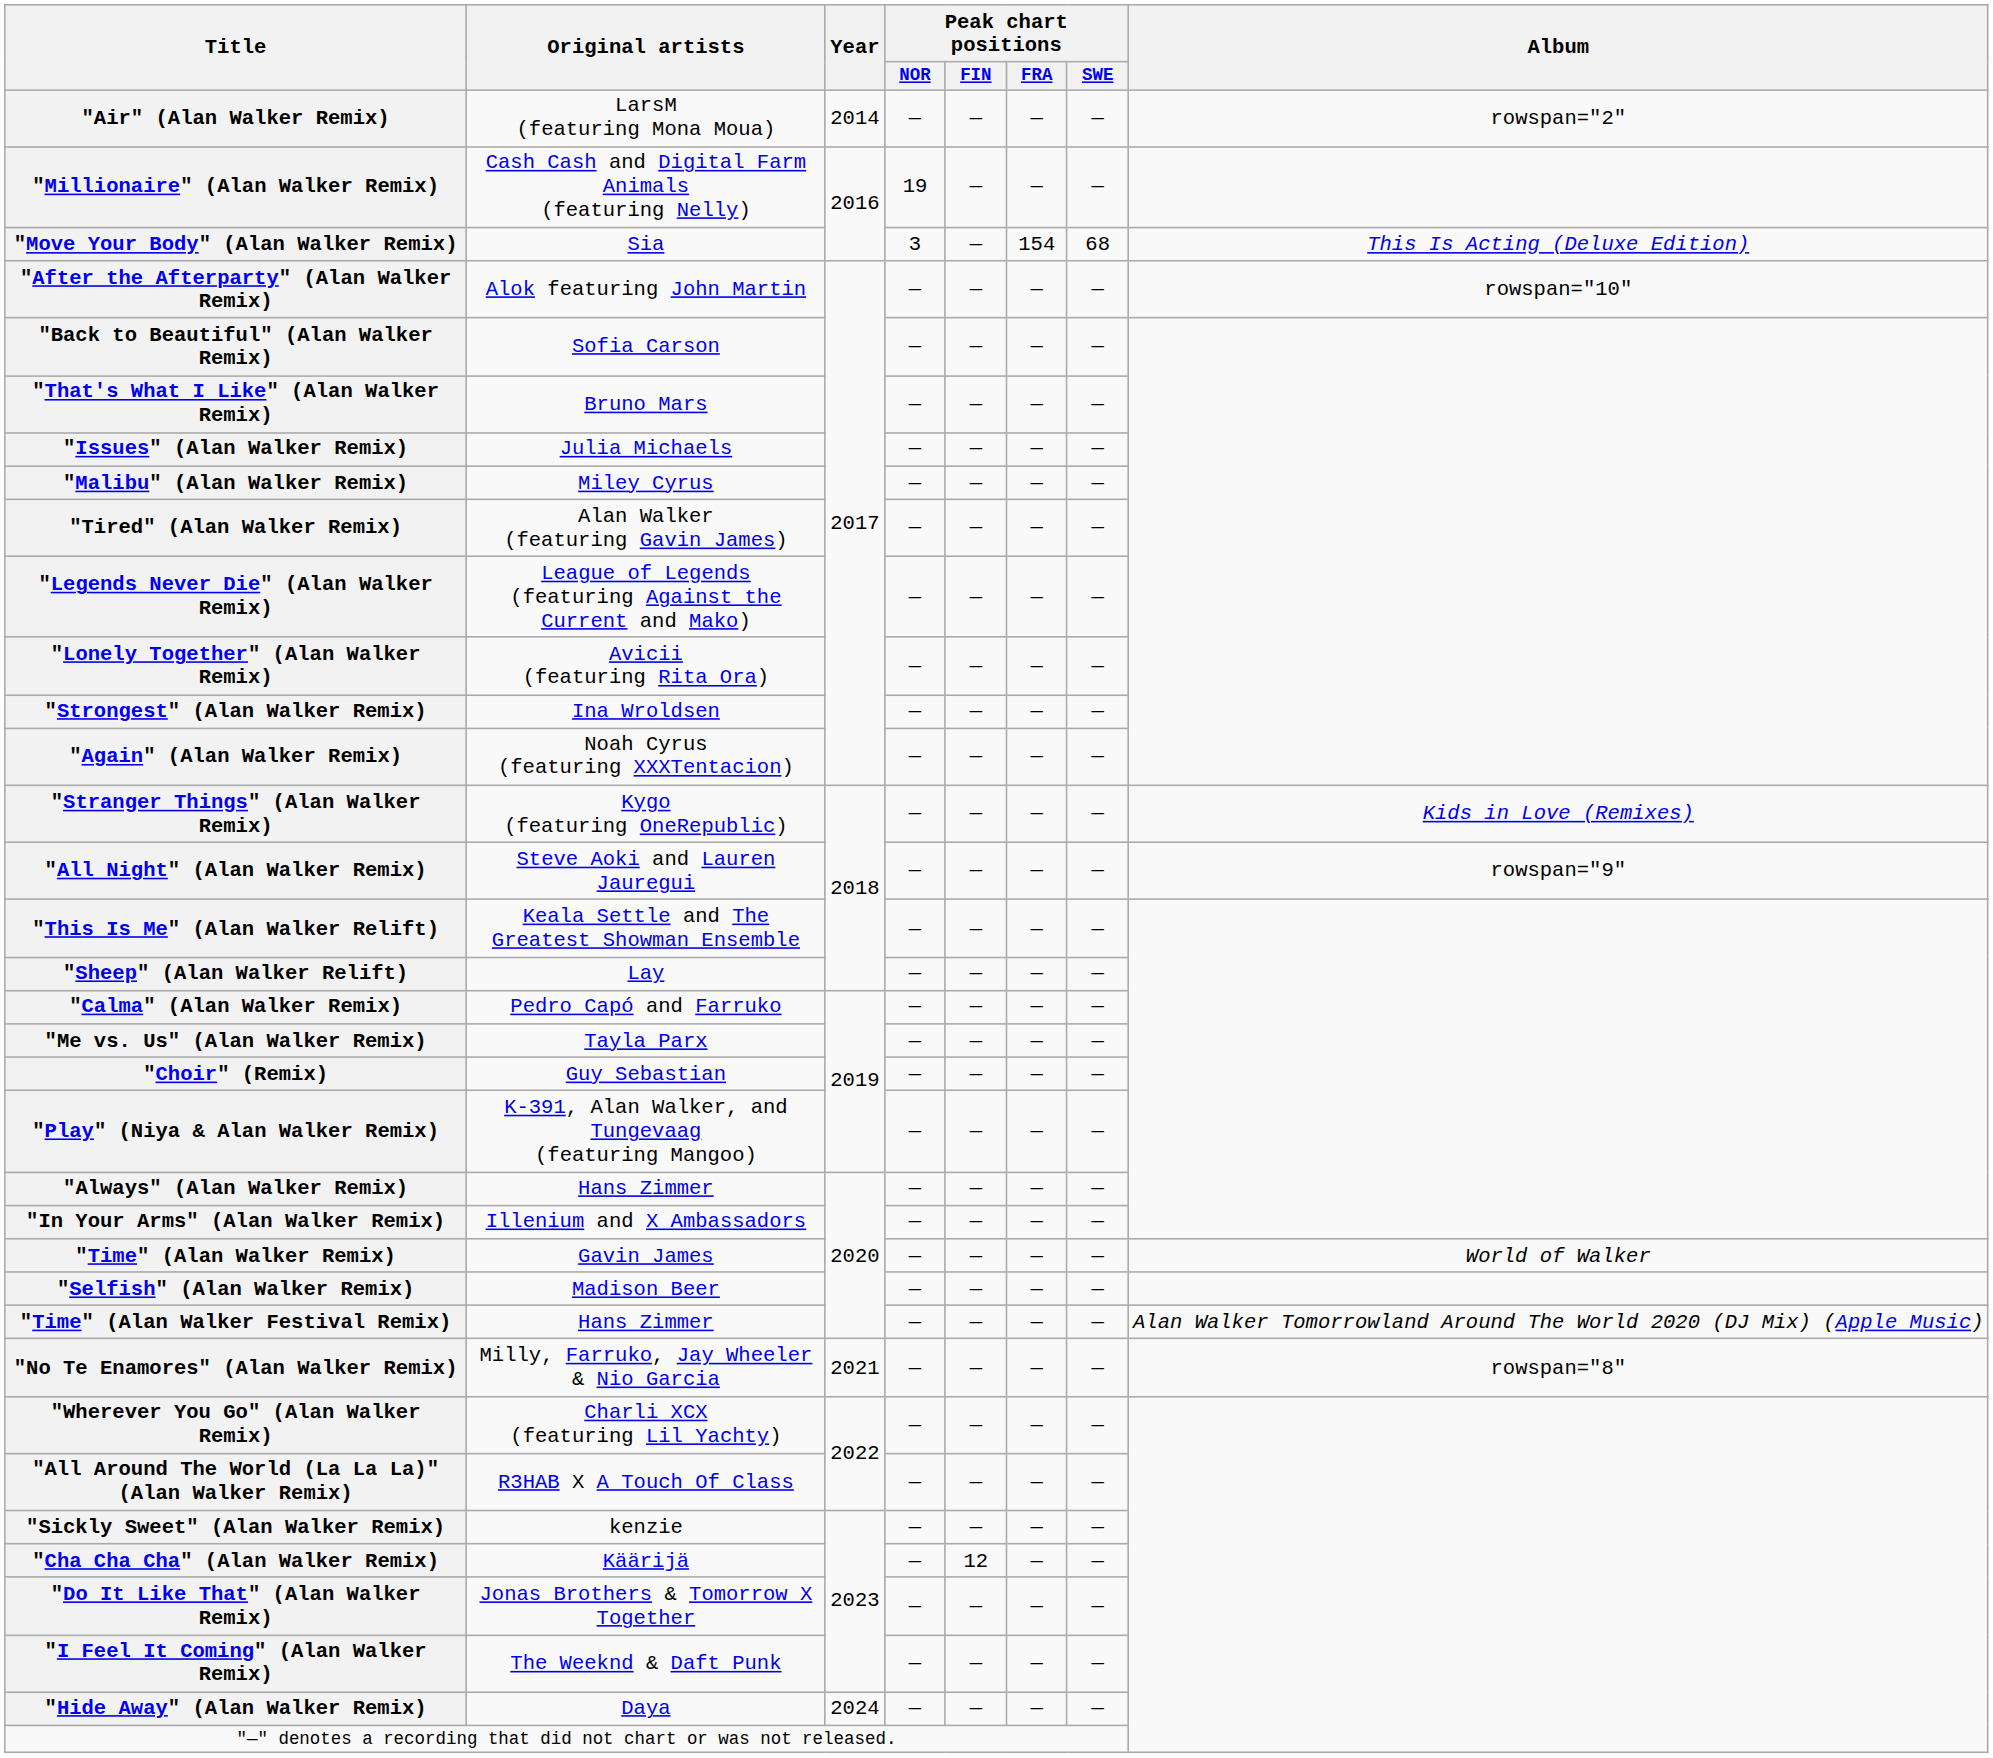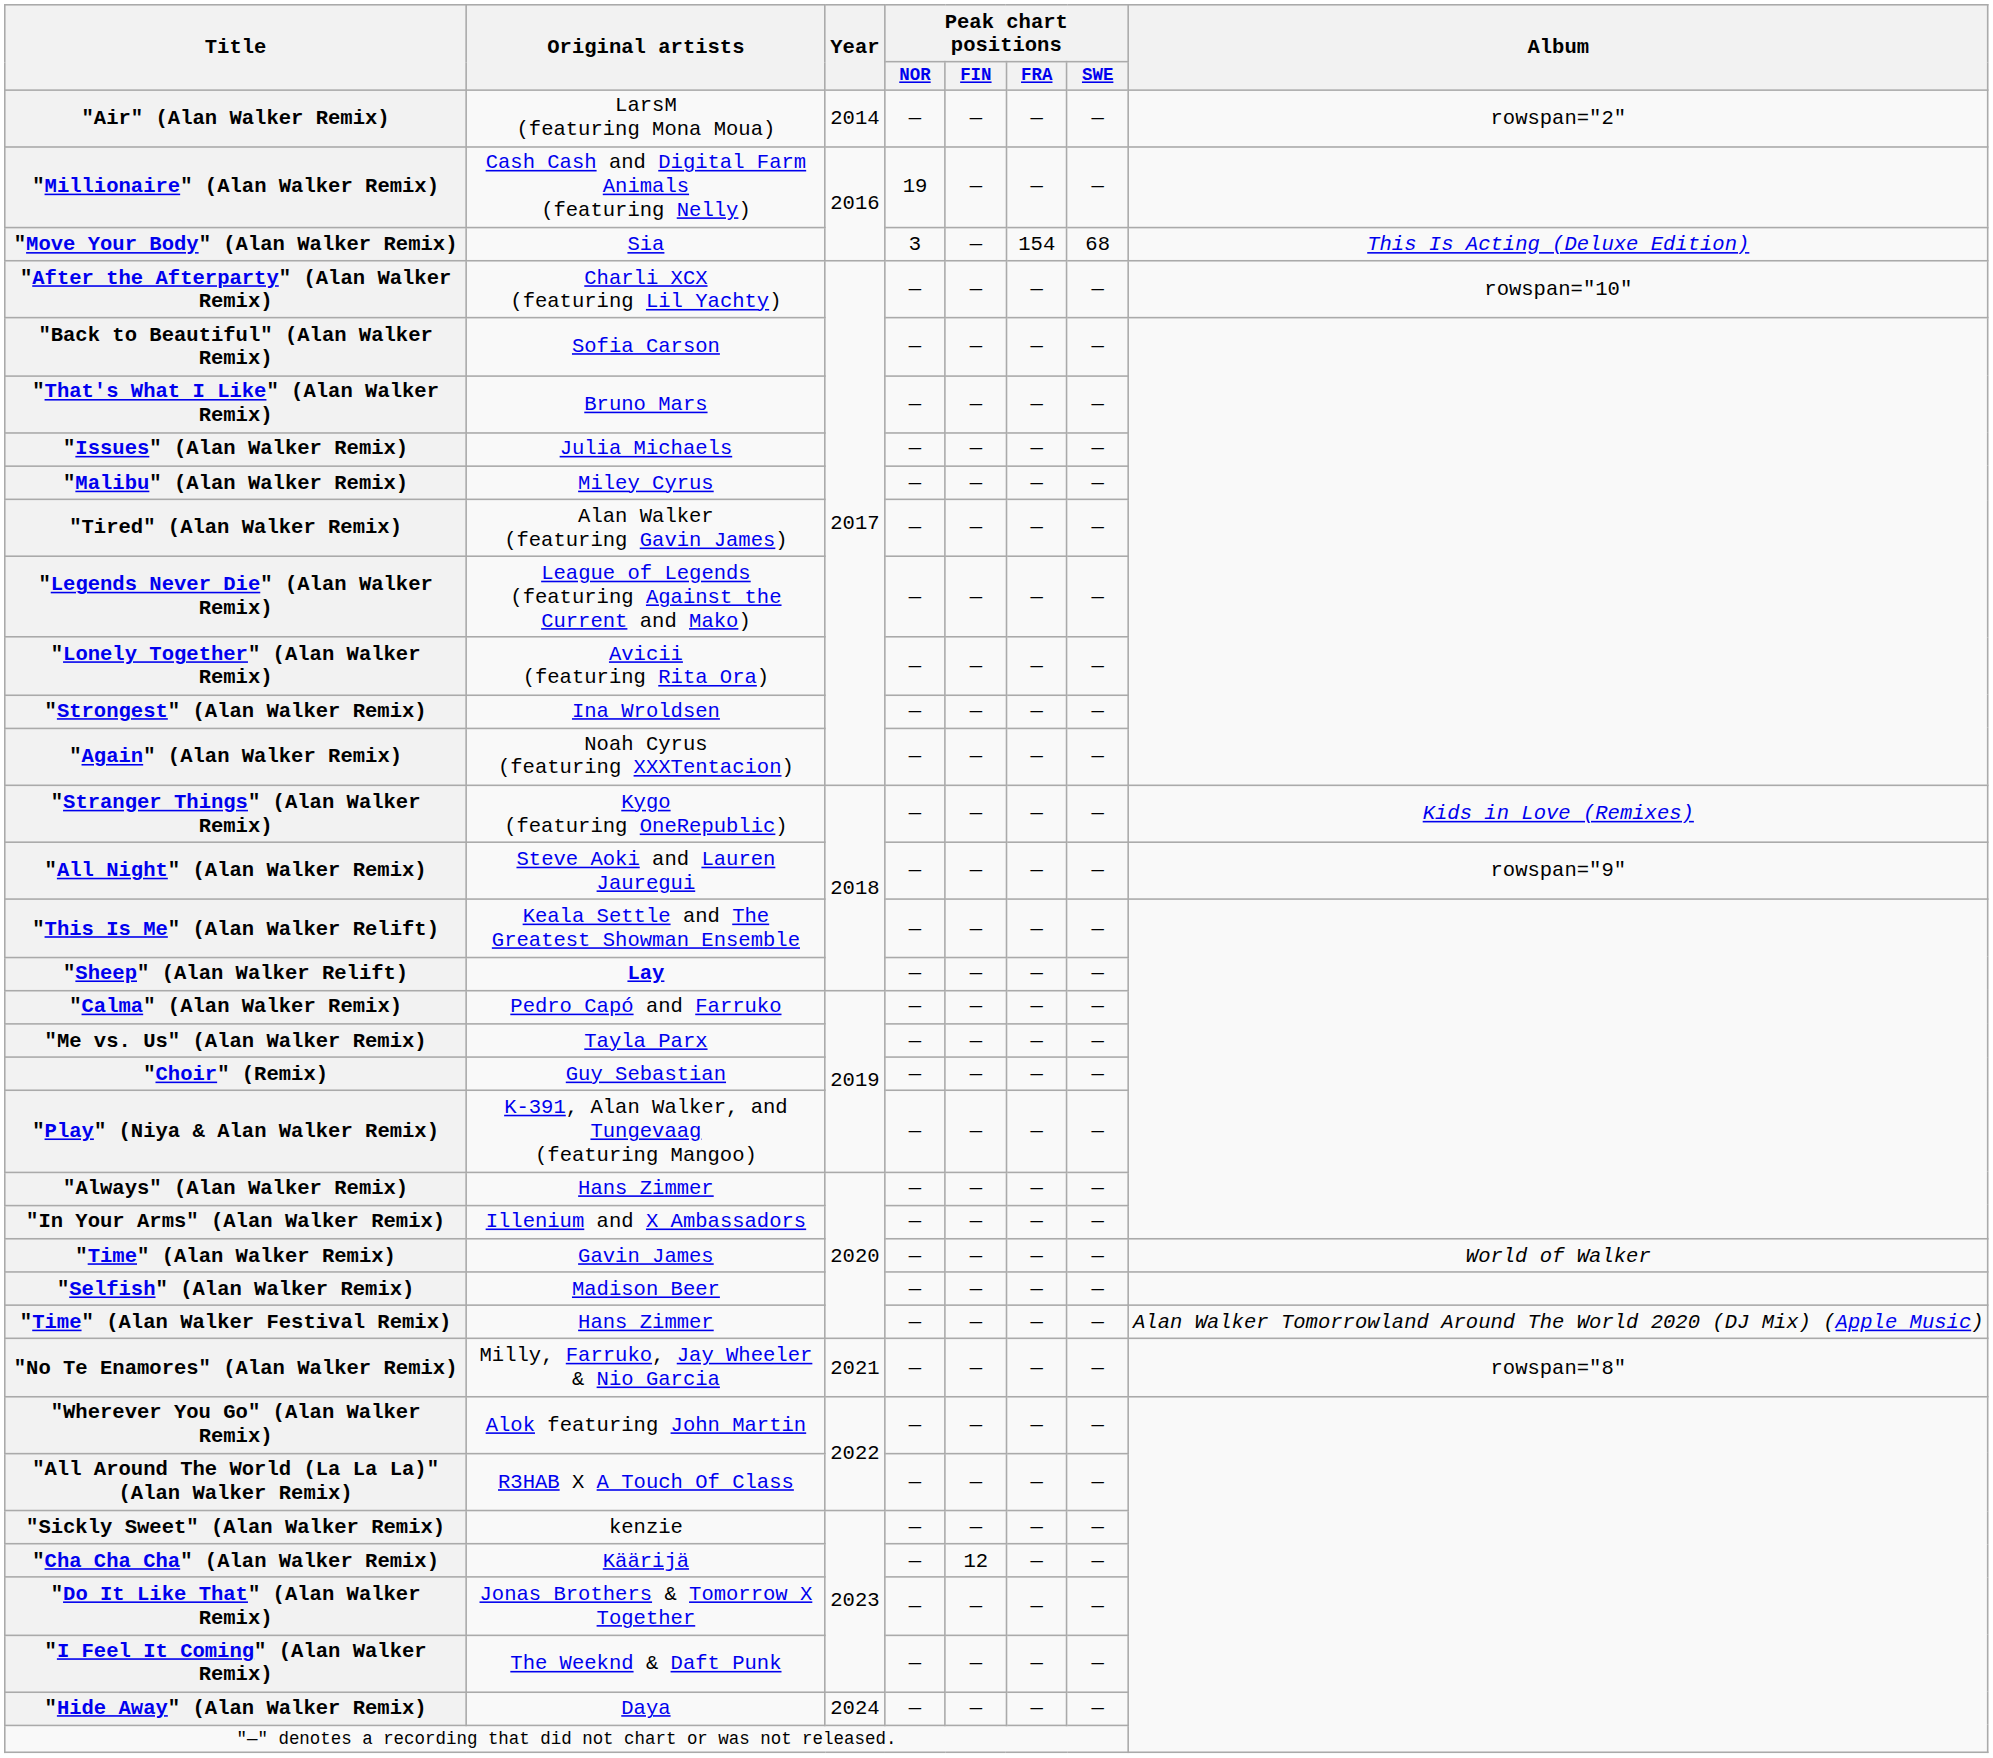 <table class="wikitable plainrowheaders" style="text-align:center;">
 <tr>
 <th rowspan="2" scope="col" style="width:22em;">Title</th>
 <th rowspan="2" scope="col" style="width:17em;">Original artists</th>
 <th rowspan="2" scope="col" style="width:1em;">Year</th>
 <th colspan="4" scope="col">Peak chart positions</th>
 <th rowspan="2" scope="col">Album</th>
 </tr>
 <tr>
 <th scope="col" style="width:3em;font-size:85%;"><a href='#'>NOR</a><br></th>
 <th scope="col" style="width:3em;font-size:85%;"><a href='#'>FIN</a><br></th>
 <th scope="col" style="width:3em;font-size:85%;"><a href='#'>FRA</a><br></th>
 <th scope="col" style="width:3em;font-size:85%;"><a href='#'>SWE</a><br></th>
 </tr>
 <tr>
 <th scope="row">"Air" (Alan Walker Remix)</th>
 <td>LarsM<br><span>(featuring Mona Moua)</span></td>
 <td>2014</td>
 <td>—</td>
 <td>—</td>
 <td>—</td>
 <td>—</td>
 <td>rowspan="2" </td>
 </tr>
 <tr>
 <th scope="row">"<a href='#'>Millionaire</a>" (Alan Walker Remix)</th>
 <td><a href='#'>Cash Cash</a> and <a href='#'>Digital Farm Animals</a><br><span>(featuring <a href='#'>Nelly</a>)</span></td>
 <td rowspan="2">2016</td>
 <td>19</td>
 <td>—</td>
 <td>—</td>
 <td>—</td>
 </tr>
 <tr>
 <th scope="row">"<a href='#'>Move Your Body</a>" (Alan Walker Remix)</th>
 <td><a href='#'>Sia</a></td>
 <td>3</td>
 <td>—</td>
 <td>154<br></td>
 <td>68<br></td>
 <td><em><a href='#'>This Is Acting (Deluxe Edition)</a></em></td>
 </tr>
 <tr>
 <th scope="row">"<a href='#'>After the Afterparty</a>" (Alan Walker Remix)</th>
-<td><a href='#'>Alok</a> featuring <a href='#'>John Martin</a></td>
+<td><a href='#'>Charli XCX</a><br><span>(featuring <a href='#'>Lil Yachty</a>)</span></td>
 <td rowspan="10">2017</td>
 <td>—</td>
 <td>—</td>
 <td>—</td>
 <td>—</td>
 <td>rowspan="10" </td>
 </tr>
 <tr>
 <th scope="row">"Back to Beautiful" (Alan Walker Remix)</th>
 <td><a href='#'>Sofia Carson</a></td>
 <td>—</td>
 <td>—</td>
 <td>—</td>
 <td>—</td>
 </tr>
 <tr>
 <th scope="row">"<a href='#'>That's What I Like</a>" (Alan Walker Remix)</th>
 <td><a href='#'>Bruno Mars</a></td>
 <td>—</td>
 <td>—</td>
 <td>—</td>
 <td>—</td>
 </tr>
 <tr>
 <th scope="row">"<a href='#'>Issues</a>" (Alan Walker Remix)</th>
 <td><a href='#'>Julia Michaels</a></td>
 <td>—</td>
 <td>—</td>
 <td>—</td>
 <td>—</td>
 </tr>
 <tr>
 <th scope="row">"<a href='#'>Malibu</a>" (Alan Walker Remix)</th>
 <td><a href='#'>Miley Cyrus</a></td>
 <td>—</td>
 <td>—</td>
 <td>—</td>
 <td>—</td>
 </tr>
 <tr>
 <th scope="row">"Tired" (Alan Walker Remix)</th>
 <td>Alan Walker<br><span>(featuring <a href='#'>Gavin James</a>)</span></td>
 <td>—</td>
 <td>—</td>
 <td>—</td>
 <td>—</td>
 </tr>
 <tr>
 <th scope="row">"<a href='#'>Legends Never Die</a>" (Alan Walker Remix)</th>
 <td><a href='#'>League of Legends</a><br><span>(featuring <a href='#'>Against the Current</a> and <a href='#'>Mako</a>)</span></td>
 <td>—</td>
 <td>—</td>
 <td>—</td>
 <td>—</td>
 </tr>
 <tr>
 <th scope="row">"<a href='#'>Lonely Together</a>" (Alan Walker Remix)</th>
 <td><a href='#'>Avicii</a><br><span>(featuring <a href='#'>Rita Ora</a>)</span></td>
 <td>—</td>
 <td>—</td>
 <td>—</td>
 <td>—</td>
 </tr>
 <tr>
 <th scope="row">"<a href='#'>Strongest</a>" (Alan Walker Remix)</th>
 <td><a href='#'>Ina Wroldsen</a></td>
 <td>—</td>
 <td>—</td>
 <td>—</td>
 <td>—</td>
 </tr>
 <tr>
 <th scope="row">"<a href='#'>Again</a>" (Alan Walker Remix)</th>
 <td>Noah Cyrus<br><span>(featuring <a href='#'>XXXTentacion</a>)</span></td>
 <td>—</td>
 <td>—</td>
 <td>—</td>
 <td>—</td>
 </tr>
 <tr>
 <th scope="row">"<a href='#'>Stranger Things</a>" (Alan Walker Remix)</th>
 <td><a href='#'>Kygo</a><br><span>(featuring <a href='#'>OneRepublic</a>)</span></td>
 <td rowspan="4">2018</td>
 <td>—</td>
 <td>—</td>
 <td>—</td>
 <td>—</td>
 <td><em><a href='#'>Kids in Love (Remixes)</a></em></td>
 </tr>
 <tr>
 <th scope="row">"<a href='#'>All Night</a>" (Alan Walker Remix)</th>
 <td><a href='#'>Steve Aoki</a> and <a href='#'>Lauren Jauregui</a></td>
 <td>—</td>
 <td>—</td>
 <td>—</td>
 <td>—</td>
 <td>rowspan="9" </td>
 </tr>
 <tr>
 <th scope="row">"<a href='#'>This Is Me</a>" (Alan Walker Relift)</th>
 <td><a href='#'>Keala Settle</a> and <a href='#'>The Greatest Showman Ensemble</a></td>
 <td>—</td>
 <td>—</td>
 <td>—</td>
 <td>—</td>
 </tr>
 <tr>
 <th scope="row">"<a href='#'>Sheep</a>" (Alan Walker Relift)</th>
-<td><a href='#'>Lay</a></td>
+<td><strong><a href='#'>Lay</a></strong></td>
 <td>—</td>
 <td>—</td>
 <td>—</td>
 <td>—</td>
 </tr>
 <tr>
 <th scope="row">"<a href='#'>Calma</a>" (Alan Walker Remix)</th>
 <td><a href='#'>Pedro Capó</a> and <a href='#'>Farruko</a></td>
 <td rowspan="4">2019</td>
 <td>—</td>
 <td>—</td>
 <td>—</td>
 <td>—</td>
 </tr>
 <tr>
 <th scope="row">"Me vs. Us" (Alan Walker Remix)</th>
 <td><a href='#'>Tayla Parx</a></td>
 <td>—</td>
 <td>—</td>
 <td>—</td>
 <td>—</td>
 </tr>
 <tr>
 <th scope="row">"<a href='#'>Choir</a>" (Remix)</th>
 <td><a href='#'>Guy Sebastian</a></td>
 <td>—</td>
 <td>—</td>
 <td>—</td>
 <td>—</td>
 </tr>
 <tr>
 <th scope="row">"<a href='#'>Play</a>" (Niya & Alan Walker Remix)</th>
 <td><a href='#'>K-391</a>, Alan Walker, and <a href='#'>Tungevaag</a><br><span>(featuring Mangoo)</span></td>
 <td>—</td>
 <td>—</td>
 <td>—</td>
 <td>—</td>
 </tr>
 <tr>
 <th scope="row">"Always" (Alan Walker Remix)</th>
 <td><a href='#'>Hans Zimmer</a></td>
 <td rowspan="5">2020</td>
 <td>—</td>
 <td>—</td>
 <td>—</td>
 <td>—</td>
 </tr>
 <tr>
 <th scope="row">"In Your Arms" (Alan Walker Remix)</th>
 <td><a href='#'>Illenium</a> and <a href='#'>X Ambassadors</a></td>
 <td>—</td>
 <td>—</td>
 <td>—</td>
 <td>—</td>
 </tr>
 <tr>
 <th scope="row">"<a href='#'>Time</a>" (Alan Walker Remix)</th>
 <td><a href='#'>Gavin James</a></td>
 <td>—</td>
 <td>—</td>
 <td>—</td>
 <td>—</td>
 <td><em>World of Walker</em></td>
 </tr>
 <tr>
 <th scope="row">"<a href='#'>Selfish</a>" (Alan Walker Remix)</th>
 <td><a href='#'>Madison Beer</a></td>
 <td>—</td>
 <td>—</td>
 <td>—</td>
 <td>—</td>
 <td></td>
 </tr>
 <tr>
 <th scope="row">"<a href='#'>Time</a>" (Alan Walker Festival Remix)</th>
 <td><a href='#'>Hans Zimmer</a></td>
 <td>—</td>
 <td>—</td>
 <td>—</td>
 <td>—</td>
 <td><em> Alan Walker Tomorrowland Around The World 2020 (DJ Mix) (<a href='#'>Apple Music</a>) </em></td>
 </tr>
 <tr>
 <th scope="row">"No Te Enamores" (Alan Walker Remix)</th>
 <td>Milly, <a href='#'>Farruko</a>, <a href='#'>Jay Wheeler</a> & <a href='#'>Nio Garcia</a><br><span></span></td>
 <td>2021</td>
 <td>—</td>
 <td>—</td>
 <td>—</td>
 <td>—</td>
 <td>rowspan="8" </td>
 </tr>
 <tr>
 <th scope="row">"Wherever You Go" (Alan Walker Remix)</th>
-<td><a href='#'>Charli XCX</a><br><span>(featuring <a href='#'>Lil Yachty</a>)</span></td>
+<td><a href='#'>Alok</a> featuring <a href='#'>John Martin</a></td>
 <td rowspan="2">2022</td>
 <td>—</td>
 <td>—</td>
 <td>—</td>
 <td>—</td>
 </tr>
 <tr>
 <th scope="row">"All Around The World (La La La)" (Alan Walker Remix)</th>
 <td><a href='#'>R3HAB</a> X <a href='#'>A Touch Of Class</a></td>
 <td>—</td>
 <td>—</td>
 <td>—</td>
 <td>—</td>
 </tr>
 <tr>
 <th scope="row">"Sickly Sweet" (Alan Walker Remix)</th>
 <td>kenzie</td>
 <td rowspan="4">2023</td>
 <td>—</td>
 <td>—</td>
 <td>—</td>
 <td>—</td>
 </tr>
 <tr>
 <th scope="row">"<a href='#'>Cha Cha Cha</a>" (Alan Walker Remix)</th>
 <td><a href='#'>Käärijä</a></td>
 <td>—</td>
 <td>12</td>
 <td>—</td>
 <td>—</td>
 </tr>
 <tr>
 <th scope="row">"<a href='#'>Do It Like That</a>" (Alan Walker Remix)</th>
 <td><a href='#'>Jonas Brothers</a> & <a href='#'>Tomorrow X Together</a></td>
 <td>—</td>
 <td>—</td>
 <td>—</td>
 <td>—</td>
 </tr>
 <tr>
 <th scope="row">"<a href='#'>I Feel It Coming</a>" (Alan Walker Remix)</th>
 <td><a href='#'>The Weeknd</a> & <a href='#'>Daft Punk</a></td>
 <td>—</td>
 <td>—</td>
 <td>—</td>
 <td>—</td>
 </tr>
 <tr>
 <th scope="row">"<a href='#'>Hide Away</a>" (Alan Walker Remix)</th>
 <td><a href='#'>Daya</a></td>
 <td>2024</td>
 <td>—</td>
 <td>—</td>
 <td>—</td>
 <td>—</td>
 </tr>
 <tr>
 <td colspan="7" style="font-size:85%">"—" denotes a recording that did not chart or was not released.</td>
 </tr>
 </table>
